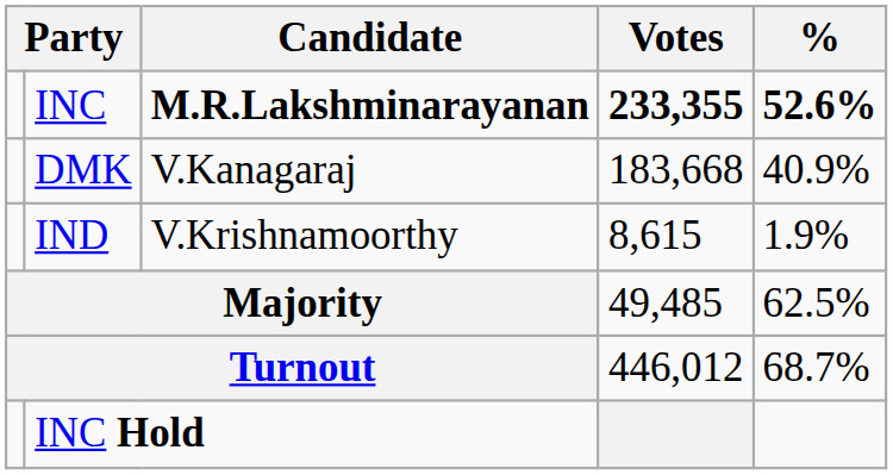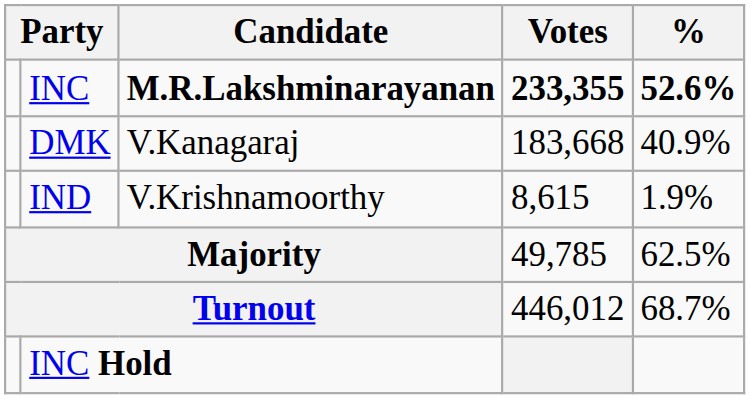 <table class="wikitable">
 <tr>
 <th colspan="2">Party</th>
 <th>Candidate</th>
 <th>Votes</th>
 <th>%</th>
 </tr>
 <tr>
 <td></td>
 <td><a href='#'>INC</a></td>
 <td><strong>M.R.Lakshminarayanan</strong></td>
 <td><strong>233,355</strong></td>
 <td><strong>52.6%</strong></td>
 </tr>
 <tr>
 <td></td>
 <td><a href='#'>DMK</a></td>
 <td>V.Kanagaraj</td>
 <td>183,668</td>
 <td>40.9%</td>
 </tr>
 <tr>
 <td></td>
 <td><a href='#'>IND</a></td>
 <td>V.Krishnamoorthy</td>
 <td>8,615</td>
 <td>1.9%</td>
 </tr>
 <tr>
 <th colspan="3">Majority</th>
-<td>49,485</td>
+<td>49,785</td>
 <td>62.5%</td>
 </tr>
 <tr>
 <th colspan="3"><a href='#'>Turnout</a></th>
 <td>446,012</td>
 <td>68.7%</td>
 </tr>
 <tr>
 <td></td>
 <td colspan="2"><a href='#'>INC</a> <strong>Hold</strong></td>
 <th></th>
 <td></td>
 </tr>
 </table>
